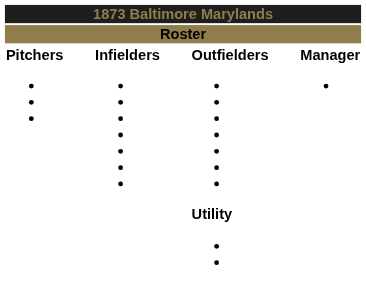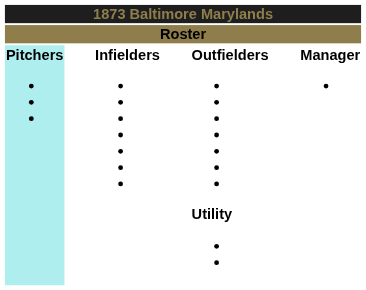 <table class="toccolours" style="font-size: 95%;">
 <tr>
 <th colspan="10" style="background-color: #1E1E1E; color: #8F7D4B; text-align: center;">1873 Baltimore Marylands</th>
 </tr>
 <tr>
 <td colspan="10" style="background-color: #8F7D4B; color: 1E1E1E; text-align: center;"><strong>Roster</strong></td>
 </tr>
 <tr>
-<td valign="top"><strong>Pitchers</strong><br><ul><li></li><li></li><li></li></ul></td>
+<td valign="top" style="background: paleturquoise;"><strong>Pitchers</strong><br><ul><li></li><li></li><li></li></ul></td>
 <td width="25px"></td>
 <td valign="top"><strong>Infielders</strong><br><ul><li></li><li></li><li></li><li></li><li></li><li></li><li></li></ul></td>
 <td width="25px"></td>
 <td valign="top"><strong>Outfielders</strong><br><ul><li></li><li></li><li></li><li></li><li></li><li></li><li></li></ul><strong>Utility</strong><ul><li></li><li></li></ul></td>
 <td width="25px"></td>
 <td valign="top"><strong>Manager</strong><br><ul><li></li></ul></td>
 </tr>
 </table>
